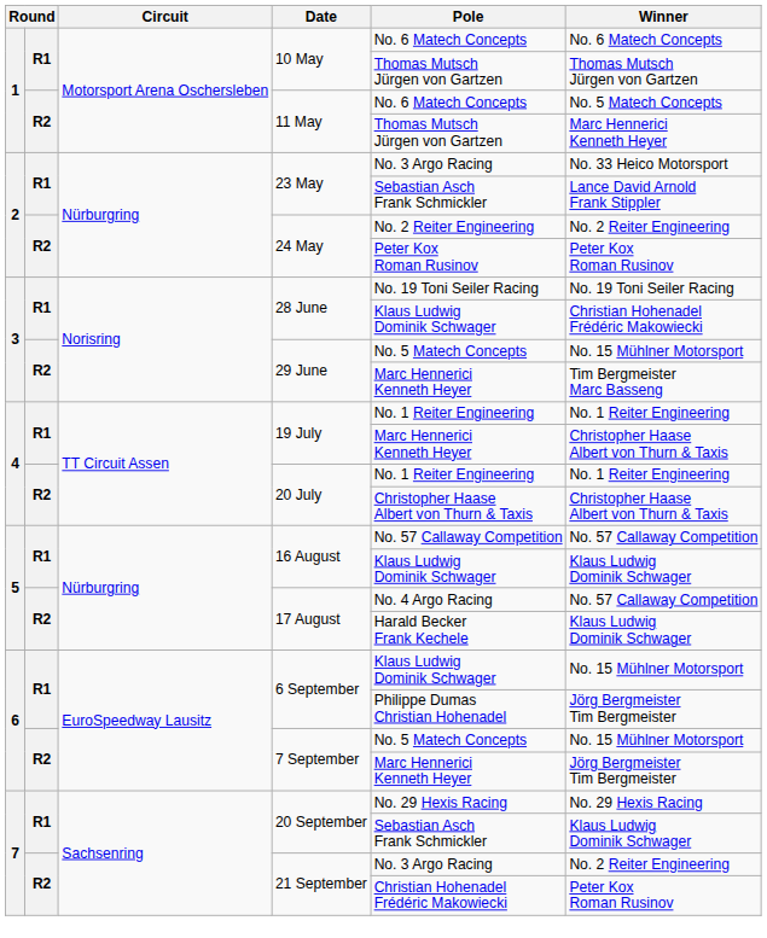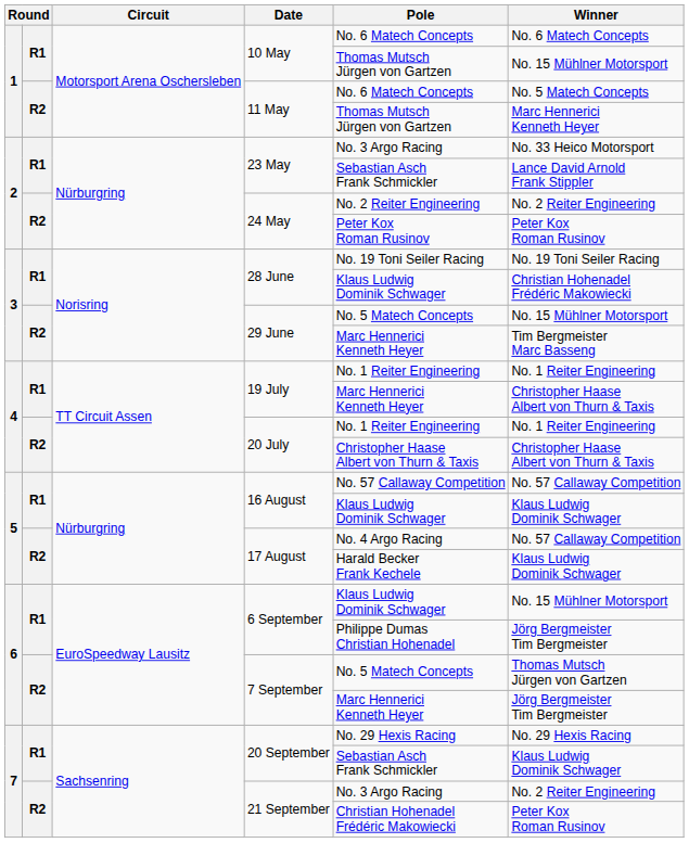 <table class="wikitable" style="font-size: 85%;">
 <tr>
 <th colspan=2>Round</th>
 <th>Circuit</th>
 <th>Date</th>
 <th>Pole</th>
 <th>Winner</th>
 </tr>
 <tr>
 <th rowspan=4>1</th>
 <th rowspan=2>R1</th>
 <td rowspan=4> <a href='#'>Motorsport Arena Oschersleben</a></td>
 <td rowspan=2>10 May</td>
 <td>No. 6 <a href='#'>Matech Concepts</a></td>
 <td>No. 6 <a href='#'>Matech Concepts</a></td>
 </tr>
 <tr>
 <td> <a href='#'>Thomas Mutsch</a><br> Jürgen von Gartzen</td>
-<td> <a href='#'>Thomas Mutsch</a><br> Jürgen von Gartzen</td>
+<td>No. 15 <a href='#'>Mühlner Motorsport</a></td>
 </tr>
 <tr>
 <th rowspan=2>R2</th>
 <td rowspan=2>11 May</td>
 <td>No. 6 <a href='#'>Matech Concepts</a></td>
 <td>No. 5 <a href='#'>Matech Concepts</a></td>
 </tr>
 <tr>
 <td> <a href='#'>Thomas Mutsch</a><br> Jürgen von Gartzen</td>
 <td> <a href='#'>Marc Hennerici</a><br> <a href='#'>Kenneth Heyer</a></td>
 </tr>
 <tr>
 <th rowspan=4>2</th>
 <th rowspan=2>R1</th>
 <td rowspan=4> <a href='#'>Nürburgring</a></td>
 <td rowspan=2>23 May</td>
 <td>No. 3 Argo Racing</td>
 <td>No. 33 Heico Motorsport</td>
 </tr>
 <tr>
 <td> <a href='#'>Sebastian Asch</a><br> Frank Schmickler</td>
 <td> <a href='#'>Lance David Arnold</a><br> <a href='#'>Frank Stippler</a></td>
 </tr>
 <tr>
 <th rowspan=2>R2</th>
 <td rowspan=2>24 May</td>
 <td>No. 2 <a href='#'>Reiter Engineering</a></td>
 <td>No. 2 <a href='#'>Reiter Engineering</a></td>
 </tr>
 <tr>
 <td> <a href='#'>Peter Kox</a><br> <a href='#'>Roman Rusinov</a></td>
 <td> <a href='#'>Peter Kox</a><br> <a href='#'>Roman Rusinov</a></td>
 </tr>
 <tr>
 <th rowspan=4>3</th>
 <th rowspan=2>R1</th>
 <td rowspan=4> <a href='#'>Norisring</a></td>
 <td rowspan=2>28 June</td>
 <td>No. 19 Toni Seiler Racing</td>
 <td>No. 19 Toni Seiler Racing</td>
 </tr>
 <tr>
 <td> <a href='#'>Klaus Ludwig</a><br> <a href='#'>Dominik Schwager</a></td>
 <td> <a href='#'>Christian Hohenadel</a><br> <a href='#'>Frédéric Makowiecki</a></td>
 </tr>
 <tr>
 <th rowspan=2>R2</th>
 <td rowspan=2>29 June</td>
 <td>No. 5 <a href='#'>Matech Concepts</a></td>
 <td>No. 15 <a href='#'>Mühlner Motorsport</a></td>
 </tr>
 <tr>
 <td> <a href='#'>Marc Hennerici</a><br> <a href='#'>Kenneth Heyer</a></td>
 <td> Tim Bergmeister<br> <a href='#'>Marc Basseng</a></td>
 </tr>
 <tr>
 <th rowspan=4>4</th>
 <th rowspan=2>R1</th>
 <td rowspan=4> <a href='#'>TT Circuit Assen</a></td>
 <td rowspan=2>19 July</td>
 <td>No. 1 <a href='#'>Reiter Engineering</a></td>
 <td>No. 1 <a href='#'>Reiter Engineering</a></td>
 </tr>
 <tr>
 <td> <a href='#'>Marc Hennerici</a><br> <a href='#'>Kenneth Heyer</a></td>
 <td> <a href='#'>Christopher Haase</a><br> <a href='#'>Albert von Thurn & Taxis</a></td>
 </tr>
 <tr>
 <th rowspan=2>R2</th>
 <td rowspan=2>20 July</td>
 <td>No. 1 <a href='#'>Reiter Engineering</a></td>
 <td>No. 1 <a href='#'>Reiter Engineering</a></td>
 </tr>
 <tr>
 <td> <a href='#'>Christopher Haase</a><br> <a href='#'>Albert von Thurn & Taxis</a></td>
 <td> <a href='#'>Christopher Haase</a><br> <a href='#'>Albert von Thurn & Taxis</a></td>
 </tr>
 <tr>
 <th rowspan=4>5</th>
 <th rowspan=2>R1</th>
 <td rowspan=4> <a href='#'>Nürburgring</a></td>
 <td rowspan=2>16 August</td>
 <td>No. 57 <a href='#'>Callaway Competition</a></td>
 <td>No. 57 <a href='#'>Callaway Competition</a></td>
 </tr>
 <tr>
 <td> <a href='#'>Klaus Ludwig</a><br> <a href='#'>Dominik Schwager</a></td>
 <td> <a href='#'>Klaus Ludwig</a><br> <a href='#'>Dominik Schwager</a></td>
 </tr>
 <tr>
 <th rowspan=2>R2</th>
 <td rowspan=2>17 August</td>
 <td>No. 4 Argo Racing</td>
 <td>No. 57 <a href='#'>Callaway Competition</a></td>
 </tr>
 <tr>
 <td> Harald Becker<br> <a href='#'>Frank Kechele</a></td>
 <td> <a href='#'>Klaus Ludwig</a><br> <a href='#'>Dominik Schwager</a></td>
 </tr>
 <tr>
 <th rowspan=4>6</th>
 <th rowspan=2>R1</th>
 <td rowspan=4> <a href='#'>EuroSpeedway Lausitz</a></td>
 <td rowspan=2>6 September</td>
 <td> <a href='#'>Klaus Ludwig</a><br> <a href='#'>Dominik Schwager</a></td>
 <td>No. 15 <a href='#'>Mühlner Motorsport</a></td>
 </tr>
 <tr>
 <td> Philippe Dumas<br> <a href='#'>Christian Hohenadel</a></td>
 <td> <a href='#'>Jörg Bergmeister</a><br> Tim Bergmeister</td>
 </tr>
 <tr>
 <th rowspan=2>R2</th>
 <td rowspan=2>7 September</td>
 <td>No. 5 <a href='#'>Matech Concepts</a></td>
-<td>No. 15 <a href='#'>Mühlner Motorsport</a></td>
+<td> <a href='#'>Thomas Mutsch</a><br> Jürgen von Gartzen</td>
 </tr>
 <tr>
 <td> <a href='#'>Marc Hennerici</a><br> <a href='#'>Kenneth Heyer</a></td>
 <td> <a href='#'>Jörg Bergmeister</a><br> Tim Bergmeister</td>
 </tr>
 <tr>
 <th rowspan=4>7</th>
 <th rowspan=2>R1</th>
 <td rowspan=4> <a href='#'>Sachsenring</a></td>
 <td rowspan=2>20 September</td>
 <td>No. 29 <a href='#'>Hexis Racing</a></td>
 <td>No. 29 <a href='#'>Hexis Racing</a></td>
 </tr>
 <tr>
 <td> <a href='#'>Sebastian Asch</a><br> Frank Schmickler</td>
 <td> <a href='#'>Klaus Ludwig</a><br> <a href='#'>Dominik Schwager</a></td>
 </tr>
 <tr>
 <th rowspan=2>R2</th>
 <td rowspan=2>21 September</td>
 <td>No. 3 Argo Racing</td>
 <td>No. 2 <a href='#'>Reiter Engineering</a></td>
 </tr>
 <tr>
 <td> <a href='#'>Christian Hohenadel</a><br> <a href='#'>Frédéric Makowiecki</a></td>
 <td> <a href='#'>Peter Kox</a><br> <a href='#'>Roman Rusinov</a></td>
 </tr>
 </table>
